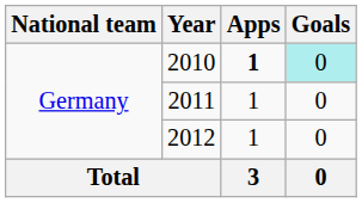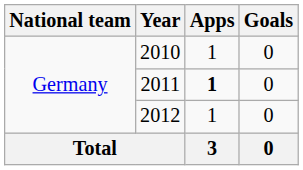 <table class="wikitable" style="text-align:center">
 <tr>
 <th>National team</th>
 <th>Year</th>
 <th>Apps</th>
 <th>Goals</th>
 </tr>
 <tr>
 <td rowspan="3"><a href='#'>Germany</a></td>
 <td>2010</td>
-<td><strong>1</strong></td>
-<td style="background: paleturquoise;">0</td>
+<td>1</td>
+<td>0</td>
 </tr>
 <tr>
 <td>2011</td>
-<td>1</td>
+<td><strong>1</strong></td>
 <td>0</td>
 </tr>
 <tr>
 <td>2012</td>
 <td>1</td>
 <td>0</td>
 </tr>
 <tr>
 <th colspan="2">Total</th>
 <th>3</th>
 <th>0</th>
 </tr>
 </table>
